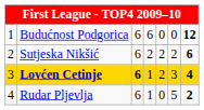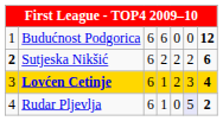 <table class="wikitable" style="text-align:center">
 <tr>
 <th colspan=10 style="background:red;color:white;">First League - TOP4 2009–10</th>
 </tr>
 <tr>
 <td>1</td>
 <td align=left><a href='#'>Budućnost Podgorica</a></td>
 <td>6</td>
 <td>6</td>
 <td>0</td>
 <td>0</td>
 <td><strong>12</strong></td>
 </tr>
 <tr>
-<td>2</td>
+<td><strong>2</strong></td>
 <td align=left><a href='#'>Sutjeska Nikšić</a></td>
 <td>6</td>
 <td>2</td>
 <td>2</td>
 <td>2</td>
 <td><strong>6</strong></td>
 </tr>
 <tr style="background:gold;">
 <td>3</td>
 <td align=left><strong><a href='#'>Lovćen Cetinje</a></strong></td>
-<td><strong>6</strong></td>
+<td>6</td>
 <td>1</td>
 <td>2</td>
 <td>3</td>
 <td><strong>4</strong></td>
 </tr>
 <tr>
 <td>4</td>
 <td align=left><a href='#'>Rudar Pljevlja</a></td>
 <td>6</td>
 <td>1</td>
 <td>0</td>
-<td>5</td>
+<td style="background: lavender;">5</td>
 <td><strong>2</strong></td>
 </tr>
 </table>
